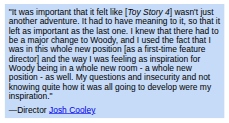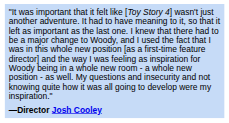 <table class="toccolours" style="float: right; margin-left: 1em; margin-right: 2em; font-size: 85%; background:#c6dbf7; color:black; width:40em; max-width: 40%;" cellspacing="5">
 <tr>
 <td style="text-align: left;">"It was important that it felt like [<em>Toy Story 4</em>] wasn't just another adventure. It had to have meaning to it, so that it left as important as the last one. I knew that there had to be a major change to Woody, and I used the fact that I was in this whole new position [as a first-time feature director] and the way I was feeling as inspiration for Woody being in a whole new room - a whole new position - as well. My questions and insecurity and not knowing quite how it was all going to develop were my inspiration."</td>
 </tr>
 <tr>
-<td style="text-align: left;">—Director <a href='#'>Josh Cooley</a></td>
+<td style="text-align: left;"><strong>—Director <a href='#'>Josh Cooley</a></strong></td>
 </tr>
 </table>
